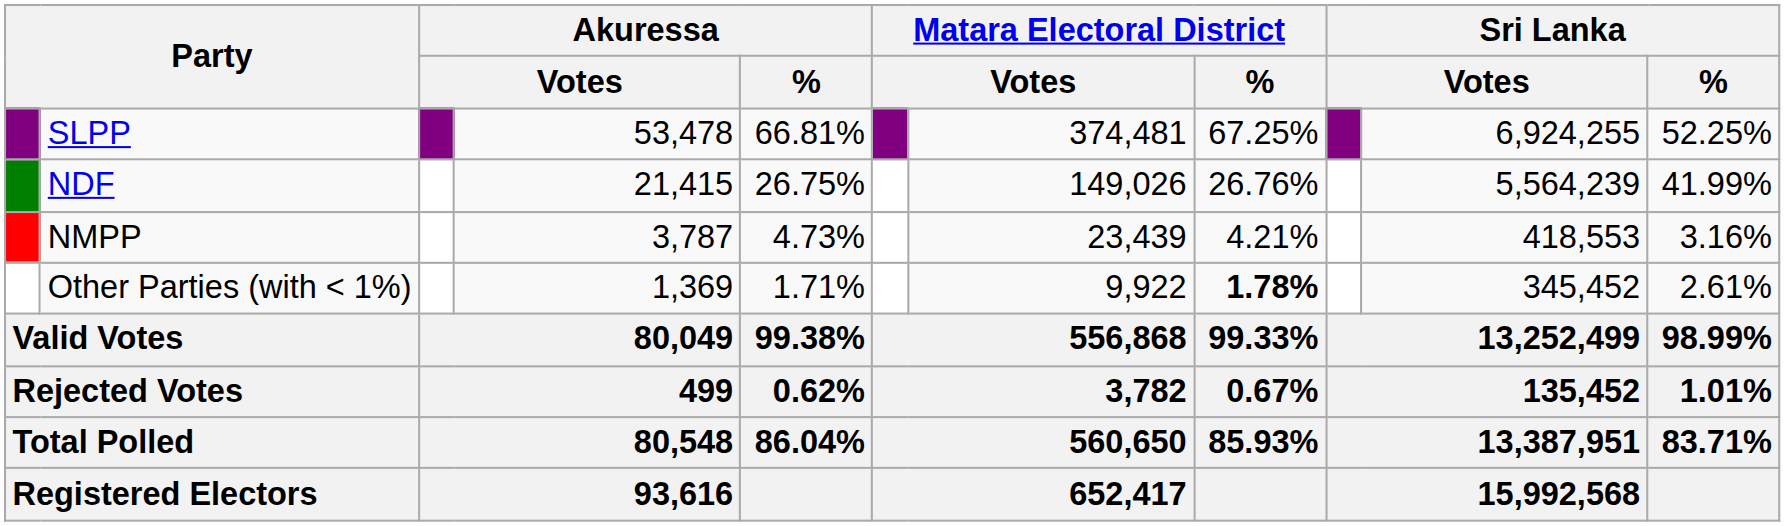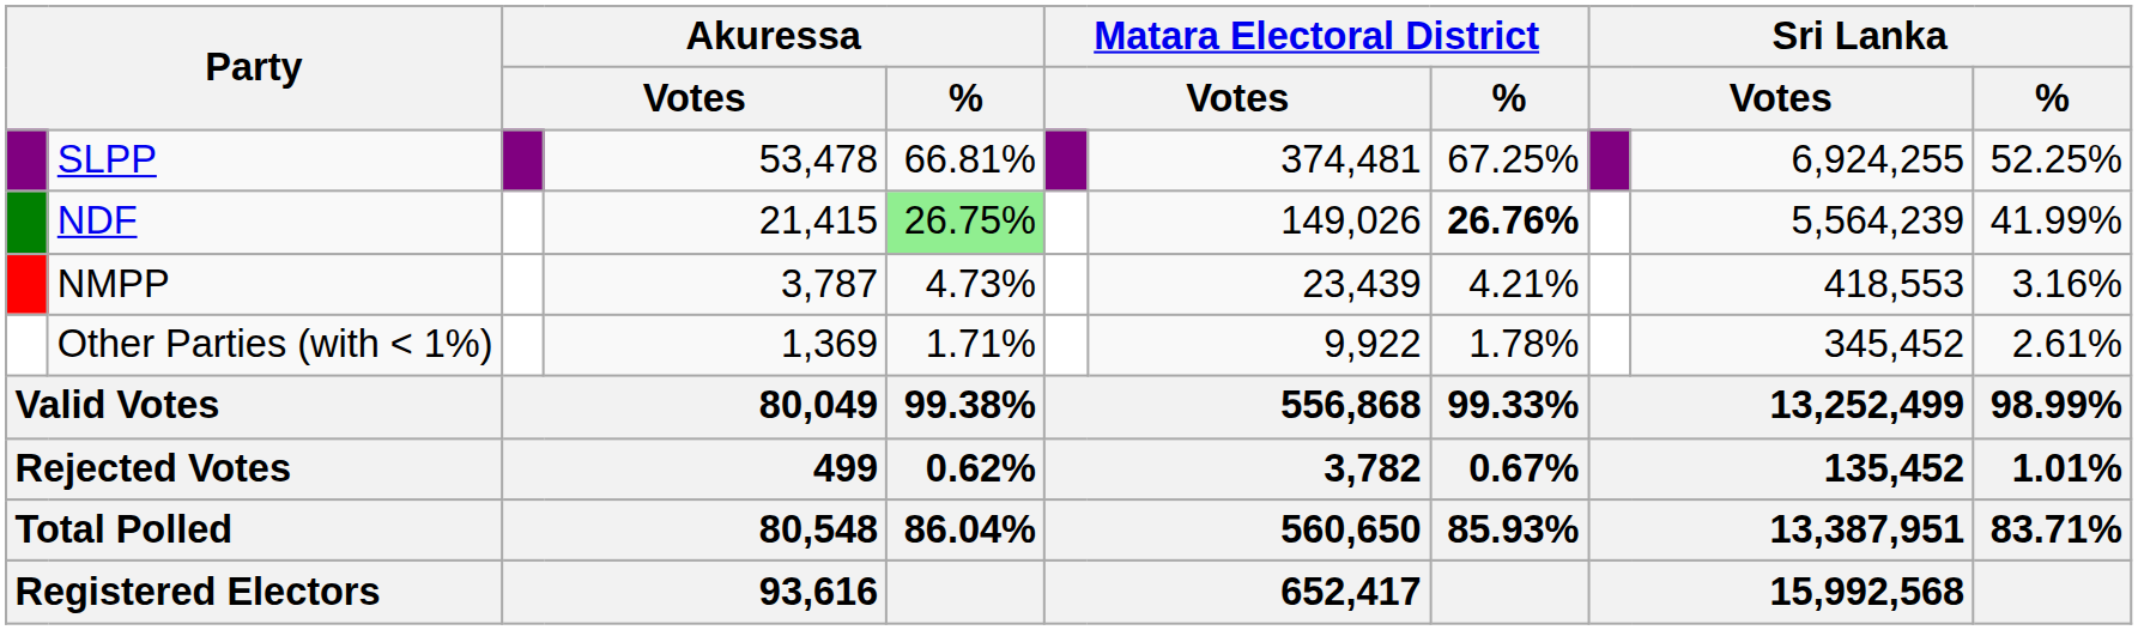 <table class="wikitable">
 <tr>
 <th colspan="2" width="144px"rowspan="2">Party</th>
 <th colspan="3" width="216px">Akuressa</th>
 <th colspan="3" width="216px"><a href='#'>Matara Electoral District</a></th>
 <th colspan="3" width="216px">Sri Lanka</th>
 </tr>
 <tr>
 <th colspan="2" width="144px">Votes</th>
 <th>%</th>
 <th colspan="2" width="144px">Votes</th>
 <th>%</th>
 <th colspan="2" width="144px">Votes</th>
 <th>%</th>
 </tr>
 <tr>
 <td style="background-color:purple;" width="10px"></td>
 <td style="text-align:left;"><a href='#'>SLPP</a></td>
 <td style="background-color:purple;" width="10px"></td>
 <td style="text-align:right;">53,478</td>
 <td style="text-align:right;">66.81%</td>
 <td style="background-color:purple;" width="10px"></td>
 <td style="text-align:right;">374,481</td>
 <td style="text-align:right;">67.25%</td>
 <td style="background-color:purple;" width="10px"></td>
 <td style="text-align:right;">6,924,255</td>
 <td style="text-align:right;">52.25%</td>
 </tr>
 <tr>
 <td style="background-color:green;" width="10px"></td>
 <td style="text-align:left;"><a href='#'>NDF</a></td>
 <td style="background-color:white;" width="10px"></td>
 <td style="text-align:right;">21,415</td>
-<td style="text-align:right;">26.75%</td>
+<td style="background: lightgreen; text-align:right;">26.75%</td>
 <td style="background-color:white;" width="10px"></td>
 <td style="text-align:right;">149,026</td>
-<td style="text-align:right;">26.76%</td>
+<td style="text-align:right;"><strong>26.76%</strong></td>
 <td style="background-color:white;" width="10px"></td>
 <td style="text-align:right;">5,564,239</td>
 <td style="text-align:right;">41.99%</td>
 </tr>
 <tr>
 <td style="background-color:red;" width="10px"></td>
 <td style="text-align:left;">NMPP</td>
 <td style="background-color:white;" width="10px"></td>
 <td style="text-align:right;">3,787</td>
 <td style="text-align:right;">4.73%</td>
 <td style="background-color:white;" width="10px"></td>
 <td style="text-align:right;">23,439</td>
 <td style="text-align:right;">4.21%</td>
 <td style="background-color:white;" width="10px"></td>
 <td style="text-align:right;">418,553</td>
 <td style="text-align:right;">3.16%</td>
 </tr>
 <tr>
 <td style="background-color:white;" width="10px"></td>
 <td style="text-align:left;">Other Parties (with < 1%)</td>
 <td style="background-color:white;" width="10px"></td>
 <td style="text-align:right;">1,369</td>
 <td style="text-align:right;">1.71%</td>
 <td style="background-color:white;" width="10px"></td>
 <td style="text-align:right;">9,922</td>
-<td style="text-align:right;"><strong>1.78%</strong></td>
+<td style="text-align:right;">1.78%</td>
 <td style="background-color:white;" width="10px"></td>
 <td style="text-align:right;">345,452</td>
 <td style="text-align:right;">2.61%</td>
 </tr>
 <tr>
 <th colspan="2" width="144px"style="text-align:left;">Valid Votes</th>
 <th style="text-align:right;"colspan="2" width="144px">80,049</th>
 <th style="text-align:right;">99.38%</th>
 <th style="text-align:right;"colspan="2" width="144px">556,868</th>
 <th style="text-align:right;">99.33%</th>
 <th style="text-align:right;"colspan="2" width="144px">13,252,499</th>
 <th style="text-align:right;">98.99%</th>
 </tr>
 <tr>
 <th colspan="2" width="144px"style="text-align:left;">Rejected Votes</th>
 <th style="text-align:right;"colspan="2" width="144px">499</th>
 <th style="text-align:right;">0.62%</th>
 <th style="text-align:right;"colspan="2" width="144px">3,782</th>
 <th style="text-align:right;">0.67%</th>
 <th style="text-align:right;"colspan="2" width="144px">135,452</th>
 <th style="text-align:right;">1.01%</th>
 </tr>
 <tr>
 <th colspan="2" width="144px"style="text-align:left;">Total Polled</th>
 <th style="text-align:right;"colspan="2" width="144px">80,548</th>
 <th style="text-align:right;">86.04%</th>
 <th style="text-align:right;"colspan="2" width="144px">560,650</th>
 <th style="text-align:right;">85.93%</th>
 <th style="text-align:right;"colspan="2" width="144px">13,387,951</th>
 <th style="text-align:right;">83.71%</th>
 </tr>
 <tr>
 <th colspan="2" width="144px"style="text-align:left;">Registered Electors</th>
 <th style="text-align:right;"colspan="2" width="144px">93,616</th>
 <th></th>
 <th style="text-align:right;"colspan="2" width="144px">652,417</th>
 <th></th>
 <th style="text-align:right;"colspan="2" width="144px">15,992,568</th>
 <th></th>
 </tr>
 </table>
